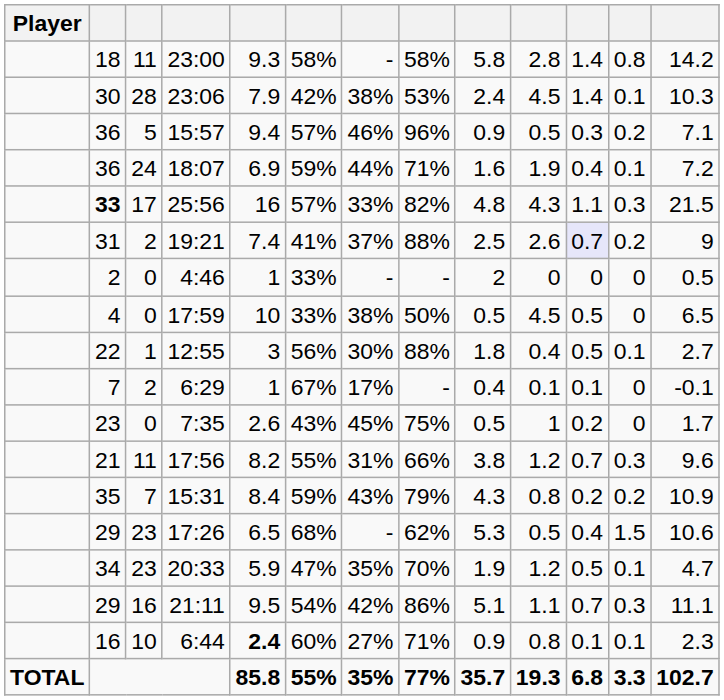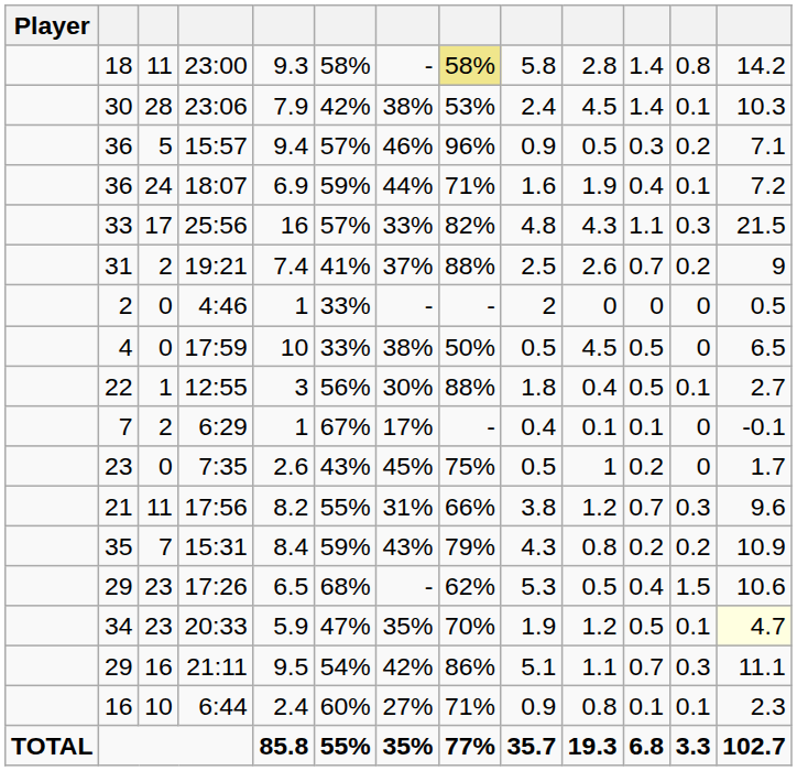 <table class="wikitable sortable" style="font-size:95%; text-align:right">
 <tr>
 <th>Player</th>
 <th></th>
 <th></th>
 <th></th>
 <th></th>
 <th></th>
 <th></th>
 <th></th>
 <th></th>
 <th></th>
 <th></th>
 <th></th>
 <th></th>
 </tr>
 <tr>
 <td><strong></strong></td>
 <td>18</td>
 <td>11</td>
 <td>23:00</td>
 <td>9.3</td>
 <td>58%</td>
 <td>-</td>
-<td>58%</td>
+<td style="background: khaki;">58%</td>
 <td>5.8</td>
 <td>2.8</td>
 <td>1.4</td>
 <td>0.8</td>
 <td>14.2</td>
 </tr>
 <tr>
 <td><strong></strong></td>
 <td>30</td>
 <td>28</td>
 <td>23:06</td>
 <td>7.9</td>
 <td>42%</td>
 <td>38%</td>
 <td>53%</td>
 <td>2.4</td>
 <td>4.5</td>
 <td>1.4</td>
 <td>0.1</td>
 <td>10.3</td>
 </tr>
 <tr>
 <td><strong></strong></td>
 <td>36</td>
 <td>5</td>
 <td>15:57</td>
 <td>9.4</td>
 <td>57%</td>
 <td>46%</td>
 <td>96%</td>
 <td>0.9</td>
 <td>0.5</td>
 <td>0.3</td>
 <td>0.2</td>
 <td>7.1</td>
 </tr>
 <tr>
 <td><strong></strong></td>
 <td>36</td>
 <td>24</td>
 <td>18:07</td>
 <td>6.9</td>
 <td>59%</td>
 <td>44%</td>
 <td>71%</td>
 <td>1.6</td>
 <td>1.9</td>
 <td>0.4</td>
 <td>0.1</td>
 <td>7.2</td>
 </tr>
 <tr>
 <td><strong></strong></td>
-<td><strong>33</strong></td>
+<td>33</td>
 <td>17</td>
 <td>25:56</td>
 <td>16</td>
 <td>57%</td>
 <td>33%</td>
 <td>82%</td>
 <td>4.8</td>
 <td>4.3</td>
 <td>1.1</td>
 <td>0.3</td>
 <td>21.5</td>
 </tr>
 <tr>
 <td><strong></strong></td>
 <td>31</td>
 <td>2</td>
 <td>19:21</td>
 <td>7.4</td>
 <td>41%</td>
 <td>37%</td>
 <td>88%</td>
 <td>2.5</td>
 <td>2.6</td>
-<td style="background: lavender;">0.7</td>
+<td>0.7</td>
 <td>0.2</td>
 <td>9</td>
 </tr>
 <tr>
 <td><strong></strong></td>
 <td>2</td>
 <td>0</td>
 <td>4:46</td>
 <td>1</td>
 <td>33%</td>
 <td>-</td>
 <td>-</td>
 <td>2</td>
 <td>0</td>
 <td>0</td>
 <td>0</td>
 <td>0.5</td>
 </tr>
 <tr>
 <td><strong></strong></td>
 <td>4</td>
 <td>0</td>
 <td>17:59</td>
 <td>10</td>
 <td>33%</td>
 <td>38%</td>
 <td>50%</td>
 <td>0.5</td>
 <td>4.5</td>
 <td>0.5</td>
 <td>0</td>
 <td>6.5</td>
 </tr>
 <tr>
 <td><strong></strong></td>
 <td>22</td>
 <td>1</td>
 <td>12:55</td>
 <td>3</td>
 <td>56%</td>
 <td>30%</td>
 <td>88%</td>
 <td>1.8</td>
 <td>0.4</td>
 <td>0.5</td>
 <td>0.1</td>
 <td>2.7</td>
 </tr>
 <tr>
 <td><strong></strong></td>
 <td>7</td>
 <td>2</td>
 <td>6:29</td>
 <td>1</td>
 <td>67%</td>
 <td>17%</td>
 <td>-</td>
 <td>0.4</td>
 <td>0.1</td>
 <td>0.1</td>
 <td>0</td>
 <td>-0.1</td>
 </tr>
 <tr>
 <td><strong></strong></td>
 <td>23</td>
 <td>0</td>
 <td>7:35</td>
 <td>2.6</td>
 <td>43%</td>
 <td>45%</td>
 <td>75%</td>
 <td>0.5</td>
 <td>1</td>
 <td>0.2</td>
 <td>0</td>
 <td>1.7</td>
 </tr>
 <tr>
 <td><strong></strong></td>
 <td>21</td>
 <td>11</td>
 <td>17:56</td>
 <td>8.2</td>
 <td>55%</td>
 <td>31%</td>
 <td>66%</td>
 <td>3.8</td>
 <td>1.2</td>
 <td>0.7</td>
 <td>0.3</td>
 <td>9.6</td>
 </tr>
 <tr>
 <td><strong></strong></td>
 <td>35</td>
 <td>7</td>
 <td>15:31</td>
 <td>8.4</td>
 <td>59%</td>
 <td>43%</td>
 <td>79%</td>
 <td>4.3</td>
 <td>0.8</td>
 <td>0.2</td>
 <td>0.2</td>
 <td>10.9</td>
 </tr>
 <tr>
 <td><strong></strong></td>
 <td>29</td>
 <td>23</td>
 <td>17:26</td>
 <td>6.5</td>
 <td>68%</td>
 <td>-</td>
 <td>62%</td>
 <td>5.3</td>
 <td>0.5</td>
 <td>0.4</td>
 <td>1.5</td>
 <td>10.6</td>
 </tr>
 <tr>
 <td><strong></strong></td>
 <td>34</td>
 <td>23</td>
 <td>20:33</td>
 <td>5.9</td>
 <td>47%</td>
 <td>35%</td>
 <td>70%</td>
 <td>1.9</td>
 <td>1.2</td>
 <td>0.5</td>
 <td>0.1</td>
-<td>4.7</td>
+<td style="background: lightyellow;">4.7</td>
 </tr>
 <tr>
 <td><strong></strong></td>
 <td>29</td>
 <td>16</td>
 <td>21:11</td>
 <td>9.5</td>
 <td>54%</td>
 <td>42%</td>
 <td>86%</td>
 <td>5.1</td>
 <td>1.1</td>
 <td>0.7</td>
 <td>0.3</td>
 <td>11.1</td>
 </tr>
 <tr>
 <td><strong></strong></td>
 <td>16</td>
 <td>10</td>
 <td>6:44</td>
-<td><strong>2.4</strong></td>
+<td>2.4</td>
 <td>60%</td>
 <td>27%</td>
 <td>71%</td>
 <td>0.9</td>
 <td>0.8</td>
 <td>0.1</td>
 <td>0.1</td>
 <td>2.3</td>
 </tr>
 <tr>
 <td align=center><strong>TOTAL</strong></td>
 <td colspan=3></td>
 <td><strong>85.8</strong></td>
 <td><strong>55%</strong></td>
 <td><strong>35%</strong></td>
 <td><strong>77%</strong></td>
 <td><strong>35.7</strong></td>
 <td><strong>19.3</strong></td>
 <td><strong>6.8</strong></td>
 <td><strong>3.3</strong></td>
 <td><strong>102.7</strong></td>
 </tr>
 </table>
